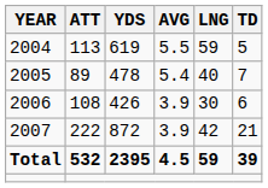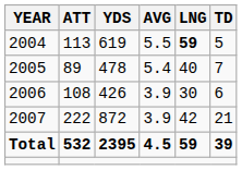 <table class="wikitable">
 <tr>
 <th>YEAR</th>
 <th>ATT</th>
 <th>YDS</th>
 <th>AVG</th>
 <th>LNG</th>
 <th>TD</th>
 </tr>
 <tr>
 <td>2004</td>
 <td>113</td>
 <td>619</td>
 <td>5.5</td>
-<td>59</td>
+<td><strong>59</strong></td>
 <td>5</td>
 </tr>
 <tr>
 <td>2005</td>
 <td>89</td>
 <td>478</td>
 <td>5.4</td>
 <td>40</td>
 <td>7</td>
 </tr>
 <tr>
 <td>2006</td>
 <td>108</td>
 <td>426</td>
 <td>3.9</td>
 <td>30</td>
 <td>6</td>
 </tr>
 <tr>
 <td>2007</td>
 <td>222</td>
 <td>872</td>
 <td>3.9</td>
 <td>42</td>
 <td>21</td>
 </tr>
 <tr>
 <td><strong>Total</strong></td>
 <td><strong>532</strong></td>
 <td><strong>2395</strong></td>
 <td><strong>4.5</strong></td>
 <td><strong>59</strong></td>
 <td><strong>39</strong></td>
 </tr>
 <tr>
 <td></td>
 </tr>
 </table>
